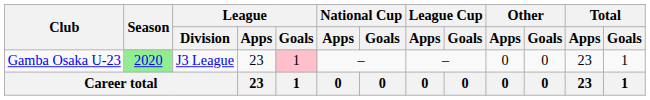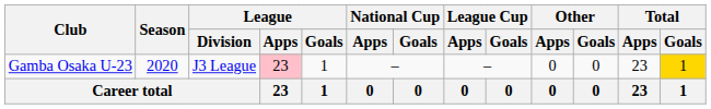 <table class="wikitable" style="text-align: center">
 <tr>
 <th rowspan="2">Club</th>
 <th rowspan="2">Season</th>
 <th colspan="3">League</th>
 <th colspan="2">National Cup</th>
 <th colspan="2">League Cup</th>
 <th colspan="2">Other</th>
 <th colspan="2">Total</th>
 </tr>
 <tr>
 <th>Division</th>
 <th>Apps</th>
 <th>Goals</th>
 <th>Apps</th>
 <th>Goals</th>
 <th>Apps</th>
 <th>Goals</th>
 <th>Apps</th>
 <th>Goals</th>
 <th>Apps</th>
 <th>Goals</th>
 </tr>
 <tr>
 <td><a href='#'>Gamba Osaka U-23</a></td>
-<td style="background: lightgreen;"><a href='#'>2020</a></td>
+<td><a href='#'>2020</a></td>
 <td><a href='#'>J3 League</a></td>
-<td>23</td>
-<td style="background: pink;">1</td>
+<td style="background: pink;">23</td>
+<td>1</td>
 <td colspan="2">–</td>
 <td colspan="2">–</td>
 <td>0</td>
 <td>0</td>
 <td>23</td>
-<td>1</td>
+<td style="background: gold;">1</td>
 </tr>
 <tr>
 <th colspan=3>Career total</th>
 <th>23</th>
 <th>1</th>
 <th>0</th>
 <th>0</th>
 <th>0</th>
 <th>0</th>
 <th>0</th>
 <th>0</th>
 <th>23</th>
 <th>1</th>
 </tr>
 </table>
